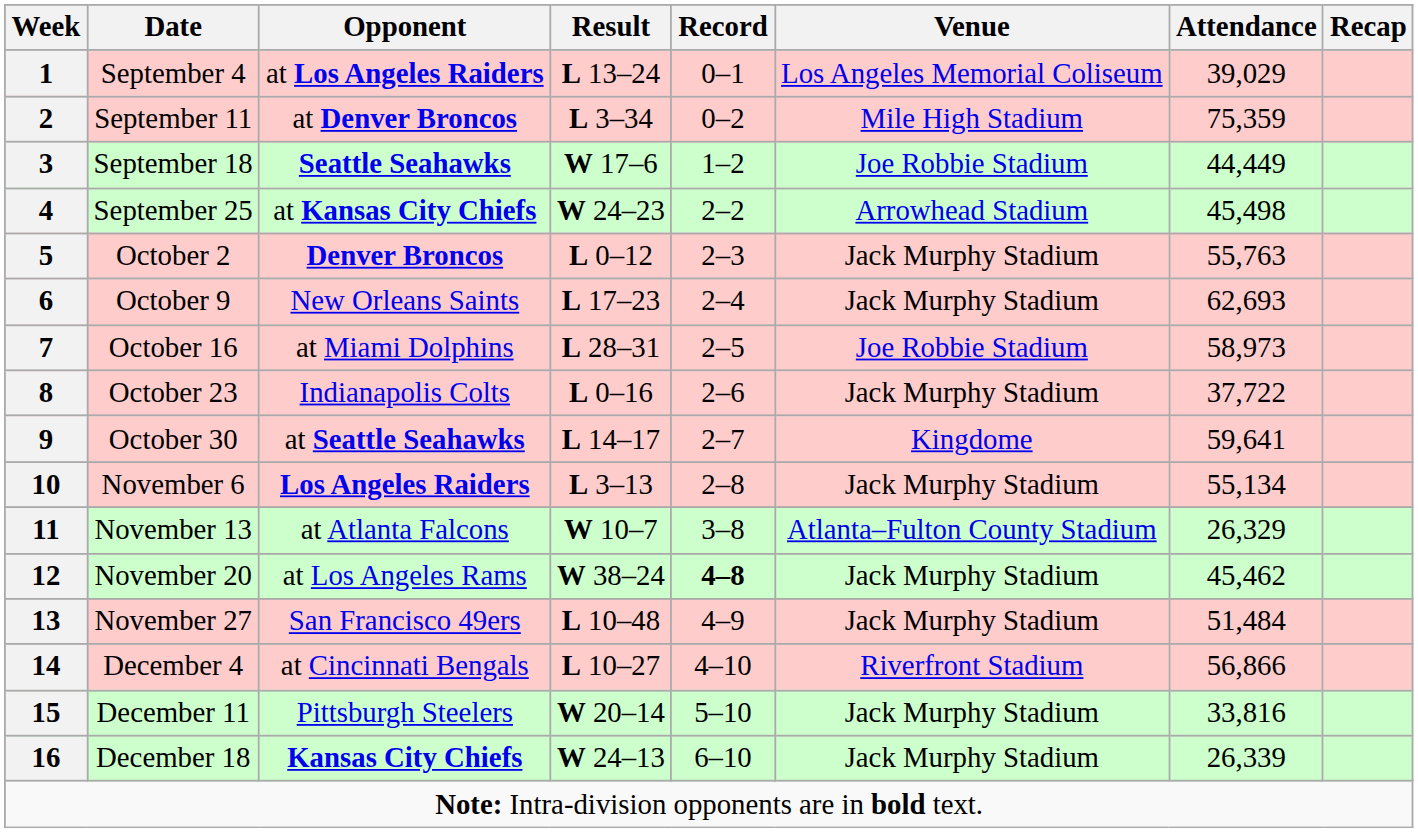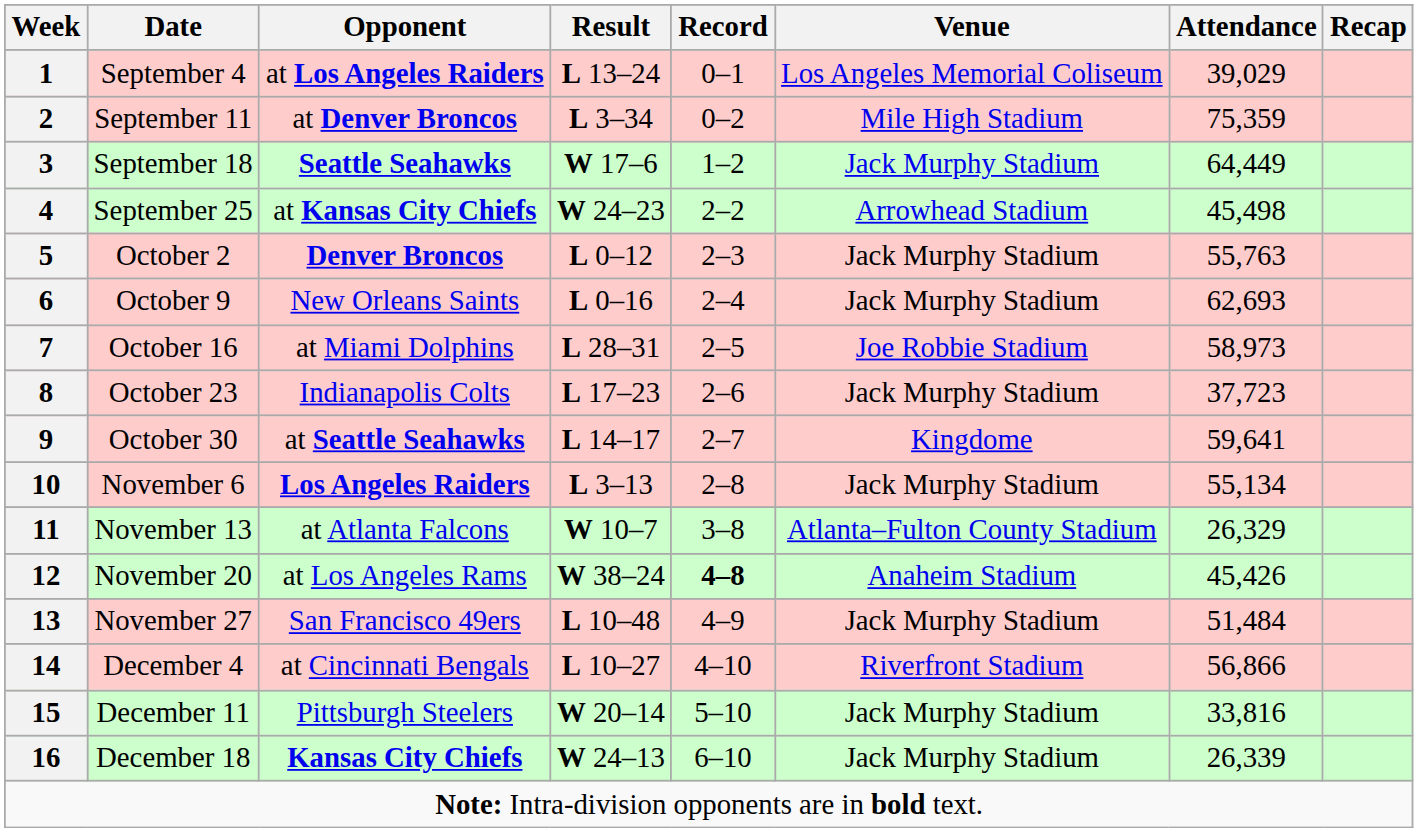 <table class="wikitable" style="text-align:center">
 <tr>
 <th>Week</th>
 <th>Date</th>
 <th>Opponent</th>
 <th>Result</th>
 <th>Record</th>
 <th>Venue</th>
 <th>Attendance</th>
 <th>Recap</th>
 </tr>
 <tr style="background:#fcc">
 <th>1</th>
 <td>September 4</td>
 <td>at <strong><a href='#'>Los Angeles Raiders</a></strong></td>
 <td><strong>L</strong> 13–24</td>
 <td>0–1</td>
 <td><a href='#'>Los Angeles Memorial Coliseum</a></td>
 <td>39,029</td>
 <td></td>
 </tr>
 <tr style="background:#fcc">
 <th>2</th>
 <td>September 11</td>
 <td>at <strong><a href='#'>Denver Broncos</a></strong></td>
 <td><strong>L</strong> 3–34</td>
 <td>0–2</td>
 <td><a href='#'>Mile High Stadium</a></td>
 <td>75,359</td>
 <td></td>
 </tr>
 <tr style="background:#cfc">
 <th>3</th>
 <td>September 18</td>
 <td><strong><a href='#'>Seattle Seahawks</a></strong></td>
 <td><strong>W</strong> 17–6</td>
 <td>1–2</td>
-<td><a href='#'>Joe Robbie Stadium</a></td>
-<td>44,449</td>
+<td><a href='#'>Jack Murphy Stadium</a></td>
+<td>64,449</td>
 <td></td>
 </tr>
 <tr style="background:#cfc">
 <th>4</th>
 <td>September 25</td>
 <td>at <strong><a href='#'>Kansas City Chiefs</a></strong></td>
 <td><strong>W</strong> 24–23</td>
 <td>2–2</td>
 <td><a href='#'>Arrowhead Stadium</a></td>
 <td>45,498</td>
 <td></td>
 </tr>
 <tr style="background:#fcc">
 <th>5</th>
 <td>October 2</td>
 <td><strong><a href='#'>Denver Broncos</a></strong></td>
 <td><strong>L</strong> 0–12</td>
 <td>2–3</td>
 <td>Jack Murphy Stadium</td>
 <td>55,763</td>
 <td></td>
 </tr>
 <tr style="background:#fcc">
 <th>6</th>
 <td>October 9</td>
 <td><a href='#'>New Orleans Saints</a></td>
-<td><strong>L</strong> 17–23</td>
+<td><strong>L</strong> 0–16</td>
 <td>2–4</td>
 <td>Jack Murphy Stadium</td>
 <td>62,693</td>
 <td></td>
 </tr>
 <tr style="background:#fcc">
 <th>7</th>
 <td>October 16</td>
 <td>at <a href='#'>Miami Dolphins</a></td>
 <td><strong>L</strong> 28–31</td>
 <td>2–5</td>
 <td><a href='#'>Joe Robbie Stadium</a></td>
 <td>58,973</td>
 <td></td>
 </tr>
 <tr style="background:#fcc">
 <th>8</th>
 <td>October 23</td>
 <td><a href='#'>Indianapolis Colts</a></td>
-<td><strong>L</strong> 0–16</td>
+<td><strong>L</strong> 17–23</td>
 <td>2–6</td>
 <td>Jack Murphy Stadium</td>
-<td>37,722</td>
+<td>37,723</td>
 <td></td>
 </tr>
 <tr style="background:#fcc">
 <th>9</th>
 <td>October 30</td>
 <td>at <strong><a href='#'>Seattle Seahawks</a></strong></td>
 <td><strong>L</strong> 14–17</td>
 <td>2–7</td>
 <td><a href='#'>Kingdome</a></td>
 <td>59,641</td>
 <td></td>
 </tr>
 <tr style="background:#fcc">
 <th>10</th>
 <td>November 6</td>
 <td><strong><a href='#'>Los Angeles Raiders</a></strong></td>
 <td><strong>L</strong> 3–13</td>
 <td>2–8</td>
 <td>Jack Murphy Stadium</td>
 <td>55,134</td>
 <td></td>
 </tr>
 <tr style="background:#cfc">
 <th>11</th>
 <td>November 13</td>
 <td>at <a href='#'>Atlanta Falcons</a></td>
 <td><strong>W</strong> 10–7</td>
 <td>3–8</td>
 <td><a href='#'>Atlanta–Fulton County Stadium</a></td>
 <td>26,329</td>
 <td></td>
 </tr>
 <tr style="background:#cfc">
 <th>12</th>
 <td>November 20</td>
 <td>at <a href='#'>Los Angeles Rams</a></td>
 <td><strong>W</strong> 38–24</td>
 <td><strong>4–8</strong></td>
-<td>Jack Murphy Stadium</td>
-<td>45,462</td>
+<td><a href='#'>Anaheim Stadium</a></td>
+<td>45,426</td>
 <td></td>
 </tr>
 <tr style="background:#fcc">
 <th>13</th>
 <td>November 27</td>
 <td><a href='#'>San Francisco 49ers</a></td>
 <td><strong>L</strong> 10–48</td>
 <td>4–9</td>
 <td>Jack Murphy Stadium</td>
 <td>51,484</td>
 <td></td>
 </tr>
 <tr style="background:#fcc">
 <th>14</th>
 <td>December 4</td>
 <td>at <a href='#'>Cincinnati Bengals</a></td>
 <td><strong>L</strong> 10–27</td>
 <td>4–10</td>
 <td><a href='#'>Riverfront Stadium</a></td>
 <td>56,866</td>
 <td></td>
 </tr>
 <tr style="background:#cfc">
 <th>15</th>
 <td>December 11</td>
 <td><a href='#'>Pittsburgh Steelers</a></td>
 <td><strong>W</strong> 20–14</td>
 <td>5–10</td>
 <td>Jack Murphy Stadium</td>
 <td>33,816</td>
 <td></td>
 </tr>
 <tr style="background:#cfc">
 <th>16</th>
 <td>December 18</td>
 <td><strong><a href='#'>Kansas City Chiefs</a></strong></td>
 <td><strong>W</strong> 24–13</td>
 <td>6–10</td>
 <td>Jack Murphy Stadium</td>
 <td>26,339</td>
 <td></td>
 </tr>
 <tr>
 <td colspan="8"><strong>Note:</strong> Intra-division opponents are in <strong>bold</strong> text.</td>
 </tr>
 </table>
